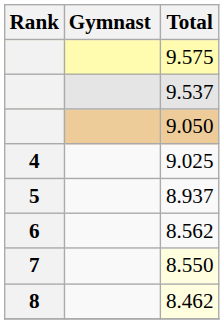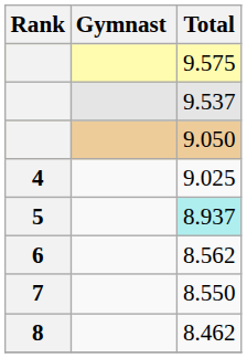 <table class="wikitable sortable" style="text-align:center; font-size:95%">
 <tr>
 <th scope=col>Rank</th>
 <th scope=col>Gymnast </th>
 <th scope=col>Total</th>
 </tr>
 <tr bgcolor=fffcaf>
 <th scope=row style="text-align:center"></th>
 <td align=left> </td>
 <td>9.575</td>
 </tr>
 <tr bgcolor=e5e5e5>
 <th scope=row style="text-align:center"></th>
 <td align=left> </td>
 <td>9.537</td>
 </tr>
 <tr bgcolor=eecc99>
 <th scope=row style="text-align:center"></th>
 <td align=left> </td>
 <td>9.050</td>
 </tr>
 <tr>
 <th scope=row style="text-align:center">4</th>
 <td align=left> </td>
 <td>9.025</td>
 </tr>
 <tr>
 <th scope=row style="text-align:center">5</th>
 <td align=left> </td>
-<td>8.937</td>
+<td style="background: paleturquoise;">8.937</td>
 </tr>
 <tr>
 <th scope=row style="text-align:center">6</th>
 <td align=left> </td>
 <td>8.562</td>
 </tr>
 <tr>
 <th scope=row style="text-align:center">7</th>
 <td align=left> </td>
-<td style="background: lightyellow;">8.550</td>
+<td>8.550</td>
 </tr>
 <tr>
 <th scope=row style="text-align:center">8</th>
 <td align=left> </td>
-<td style="background: lightyellow;">8.462</td>
+<td>8.462</td>
 </tr>
 <tr>
 </tr>
 </table>
